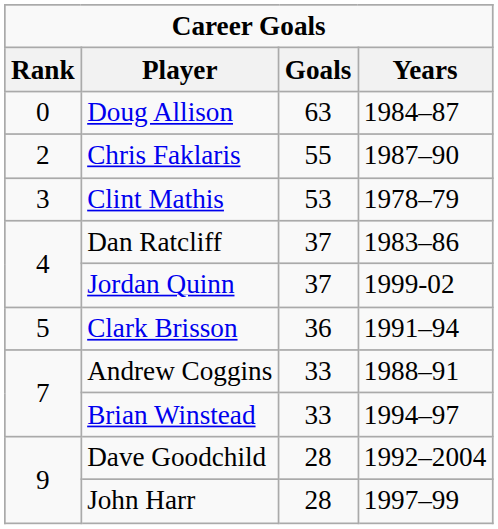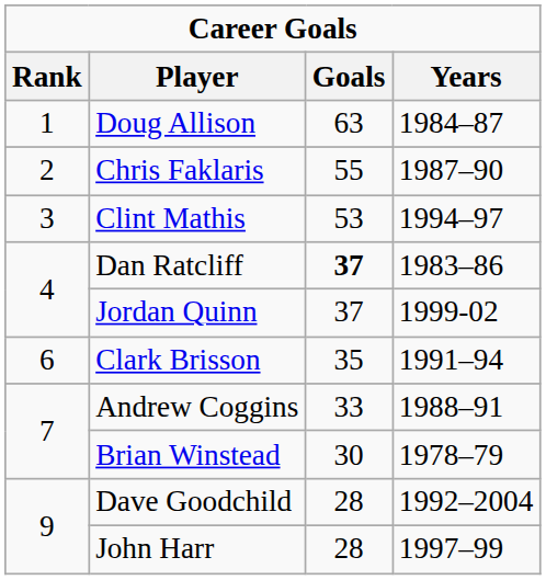 <table class="wikitable">
 <tr>
 <td colspan="4" style="text-align:center;"><strong>Career Goals</strong></td>
 </tr>
 <tr>
 <th>Rank</th>
 <th>Player</th>
 <th>Goals</th>
 <th>Years</th>
 </tr>
 <tr>
-<td align=center>0</td>
+<td align=center>1</td>
 <td><a href='#'>Doug Allison</a></td>
 <td align=center>63</td>
 <td>1984–87</td>
 </tr>
 <tr>
 <td align=center>2</td>
 <td><a href='#'>Chris Faklaris</a></td>
 <td align=center>55</td>
 <td>1987–90</td>
 </tr>
 <tr>
 <td align=center>3</td>
 <td><a href='#'>Clint Mathis</a></td>
 <td align=center>53</td>
-<td>1978–79</td>
+<td>1994–97</td>
 </tr>
 <tr>
 <td rowspan="2" style="text-align:center;">4</td>
 <td>Dan Ratcliff</td>
-<td align=center>37</td>
+<td align=center><strong>37</strong></td>
 <td>1983–86</td>
 </tr>
 <tr>
 <td><a href='#'>Jordan Quinn</a></td>
 <td align=center>37</td>
 <td>1999-02</td>
 </tr>
 <tr>
-<td align=center>5</td>
+<td align=center>6</td>
 <td><a href='#'>Clark Brisson</a></td>
-<td align=center>36</td>
+<td align=center>35</td>
 <td>1991–94</td>
 </tr>
 <tr>
 <td rowspan="2" style="text-align:center;">7</td>
 <td>Andrew Coggins</td>
 <td align=center>33</td>
 <td>1988–91</td>
 </tr>
 <tr>
 <td><a href='#'>Brian Winstead</a></td>
-<td align=center>33</td>
-<td>1994–97</td>
+<td align=center>30</td>
+<td>1978–79</td>
 </tr>
 <tr>
 <td rowspan="2" style="text-align:center;">9</td>
 <td>Dave Goodchild</td>
 <td align=center>28</td>
 <td>1992–2004</td>
 </tr>
 <tr>
 <td>John Harr</td>
 <td align=center>28</td>
 <td>1997–99</td>
 </tr>
 </table>
